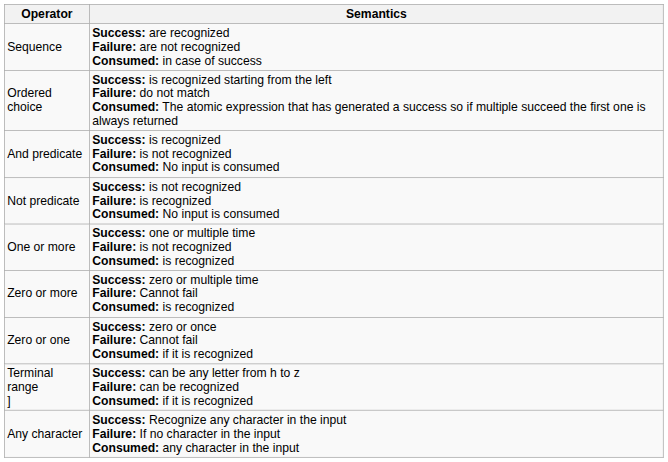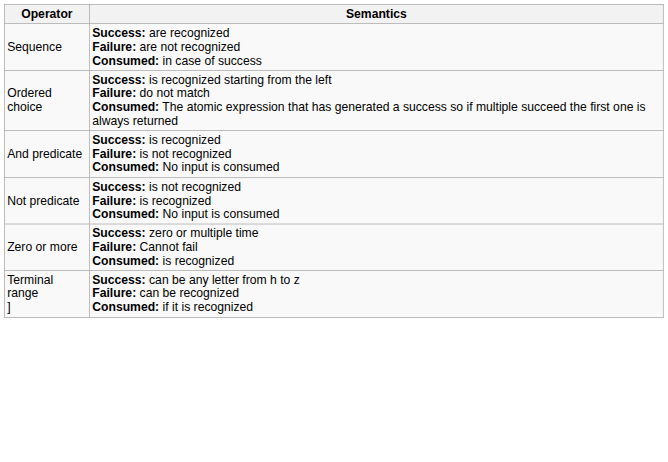 <table class="wikitable">
 <tr>
 <th>Operator</th>
 <th>Semantics</th>
 </tr>
 <tr>
 <td>Sequence<br></td>
 <td><strong>Success:</strong> are recognized<br><strong>Failure:</strong> are not recognized<br><strong>Consumed:</strong> in case of success</td>
 </tr>
 <tr>
 <td>Ordered choice<br></td>
 <td><strong>Success:</strong> is recognized starting from the left<br><strong>Failure:</strong> do not match<br><strong>Consumed:</strong> The atomic expression that has generated a success so if multiple succeed the first one is always returned</td>
 </tr>
 <tr>
 <td>And predicate<br></td>
 <td><strong>Success:</strong> is recognized<br><strong>Failure:</strong> is not recognized<br><strong>Consumed:</strong> No input is consumed</td>
 </tr>
 <tr>
 <td>Not predicate<br></td>
 <td><strong>Success:</strong> is not recognized<br><strong>Failure:</strong> is recognized<br><strong>Consumed:</strong> No input is consumed</td>
 </tr>
 <tr>
-<td>One or more<br></td>
-<td><strong>Success:</strong> one or multiple time<br><strong>Failure:</strong> is not recognized<br><strong>Consumed:</strong> is recognized</td>
-</tr>
-<tr>
 <td>Zero or more<br></td>
 <td><strong>Success:</strong> zero or multiple time<br><strong>Failure:</strong> Cannot fail<br><strong>Consumed:</strong> is recognized</td>
-</tr>
-<tr>
-<td>Zero or one<br></td>
-<td><strong>Success:</strong> zero or once<br><strong>Failure:</strong> Cannot fail<br><strong>Consumed:</strong> if it is recognized</td>
 </tr>
 <tr>
 <td>Terminal range<br>]</td>
 <td><strong>Success:</strong> can be any letter from h to z<br><strong>Failure:</strong> can be recognized<br><strong>Consumed:</strong> if it is recognized</td>
 </tr>
-<tr>
-<td>Any character<br></td>
-<td><strong>Success:</strong> Recognize any character in the input<br><strong>Failure:</strong> If no character in the input<br><strong>Consumed:</strong> any character in the input</td>
-</tr>
 </table>
